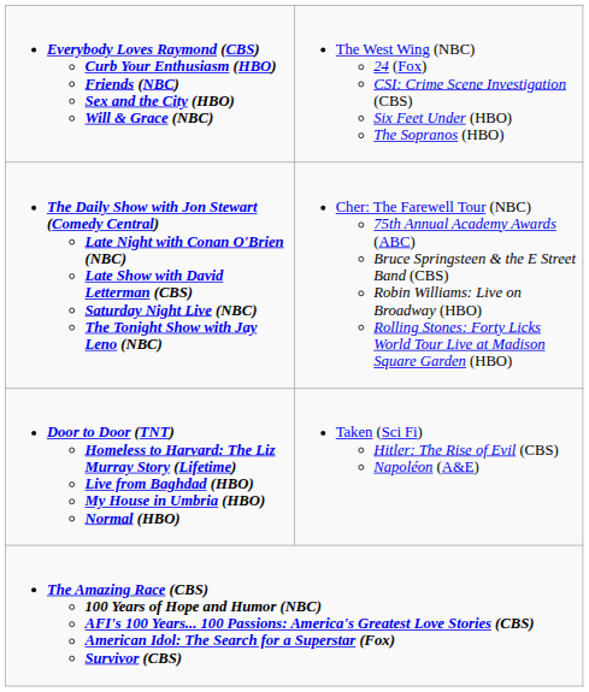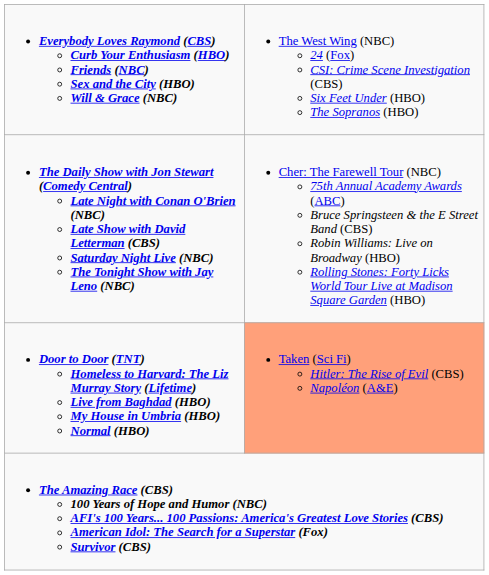 <table class="wikitable">
 <tr>
 <td style="vertical-align:top;" width="50%"><br><ul><li><strong><em><a href='#'>Everybody Loves Raymond</a><em> (<a href='#'>CBS</a>)<strong><ul><li></em><a href='#'>Curb Your Enthusiasm</a><em> (<a href='#'>HBO</a>)</li><li></em><a href='#'>Friends</a><em> (<a href='#'>NBC</a>)</li><li></em><a href='#'>Sex and the City</a><em> (HBO)</li><li></em><a href='#'>Will & Grace</a><em> (NBC)</li></ul></li></ul></td>
 <td style="vertical-align:top;" width="50%"><br><ul><li></em></strong><a href='#'>The West Wing</a></em> (NBC)</strong><ul><li><em><a href='#'>24</a></em> (<a href='#'>Fox</a>)</li><li><em><a href='#'>CSI: Crime Scene Investigation</a></em> (CBS)</li><li><em><a href='#'>Six Feet Under</a></em> (HBO)</li><li><em><a href='#'>The Sopranos</a></em> (HBO)</li></ul></li></ul></td>
 </tr>
 <tr>
 <td style="vertical-align:top;" width="50%"><br><ul><li><strong><em><a href='#'>The Daily Show with Jon Stewart</a><em> (<a href='#'>Comedy Central</a>)<strong><ul><li></em><a href='#'>Late Night with Conan O'Brien</a><em> (NBC)</li><li></em><a href='#'>Late Show with David Letterman</a><em> (CBS)</li><li></em><a href='#'>Saturday Night Live</a><em> (NBC)</li><li></em><a href='#'>The Tonight Show with Jay Leno</a><em> (NBC)</li></ul></li></ul></td>
 <td style="vertical-align:top;" width="50%"><br><ul><li></em></strong><a href='#'>Cher: The Farewell Tour</a></em> (NBC)</strong><ul><li><em><a href='#'>75th Annual Academy Awards</a></em> (<a href='#'>ABC</a>)</li><li><em>Bruce Springsteen & the E Street Band</em> (CBS)</li><li><em>Robin Williams: Live on Broadway</em> (HBO)</li><li><em><a href='#'>Rolling Stones: Forty Licks World Tour Live at Madison Square Garden</a></em> (HBO)</li></ul></li></ul></td>
 </tr>
 <tr>
 <td style="vertical-align:top;" width="50%"><br><ul><li><strong><em><a href='#'>Door to Door</a><em> (<a href='#'>TNT</a>)<strong><ul><li></em><a href='#'>Homeless to Harvard: The Liz Murray Story</a><em> (<a href='#'>Lifetime</a>)</li><li></em><a href='#'>Live from Baghdad</a><em> (HBO)</li><li></em><a href='#'>My House in Umbria</a><em> (HBO)</li><li></em><a href='#'>Normal</a><em> (HBO)</li></ul></li></ul></td>
-<td style="vertical-align:top;" width="50%"><br><ul><li></em></strong><a href='#'>Taken</a></em> (<a href='#'>Sci Fi</a>)</strong><ul><li><em><a href='#'>Hitler: The Rise of Evil</a></em> (CBS)</li><li><em><a href='#'>Napoléon</a></em> (<a href='#'>A&E</a>)</li></ul></li></ul></td>
+<td style="background: lightsalmon; vertical-align:top;" width="50%"><br><ul><li></em></strong><a href='#'>Taken</a></em> (<a href='#'>Sci Fi</a>)</strong><ul><li><em><a href='#'>Hitler: The Rise of Evil</a></em> (CBS)</li><li><em><a href='#'>Napoléon</a></em> (<a href='#'>A&E</a>)</li></ul></li></ul></td>
 </tr>
 <tr>
 <td style="vertical-align:top;" width="50%" colspan="2"><br><ul><li><strong><em><a href='#'>The Amazing Race</a><em> (CBS)<strong><ul><li></em>100 Years of Hope and Humor<em> (NBC)</li><li></em><a href='#'>AFI's 100 Years... 100 Passions: America's Greatest Love Stories</a><em> (CBS)</li><li></em><a href='#'>American Idol: The Search for a Superstar</a><em> (Fox)</li><li></em><a href='#'>Survivor</a><em> (CBS)</li></ul></li></ul></td>
 </tr>
 </table>
